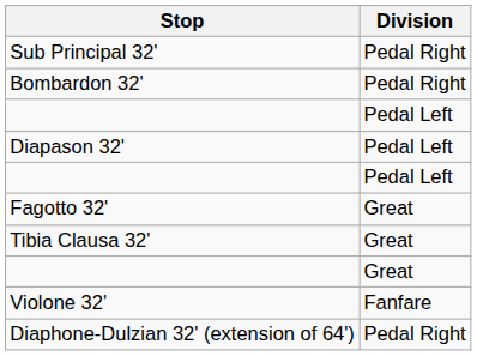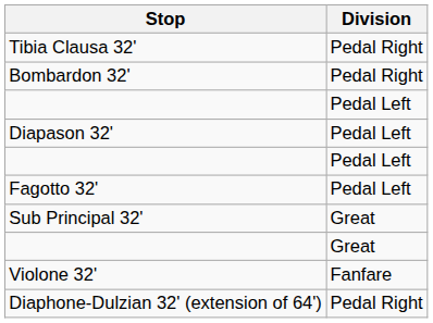 <table class="wikitable">
 <tr>
 <th>Stop</th>
 <th>Division</th>
 </tr>
 <tr>
-<td>Sub Principal 32'</td>
+<td>Tibia Clausa 32'</td>
 <td>Pedal Right</td>
 </tr>
 <tr>
 <td>Bombardon 32'</td>
 <td>Pedal Right</td>
 </tr>
 <tr>
 <td></td>
 <td>Pedal Left</td>
 </tr>
 <tr>
 <td>Diapason 32'</td>
 <td>Pedal Left</td>
 </tr>
 <tr>
 <td></td>
 <td>Pedal Left</td>
 </tr>
 <tr>
 <td>Fagotto 32'</td>
-<td>Great</td>
+<td>Pedal Left</td>
 </tr>
 <tr>
-<td>Tibia Clausa 32'</td>
+<td>Sub Principal 32'</td>
 <td>Great</td>
 </tr>
 <tr>
 <td></td>
 <td>Great</td>
 </tr>
 <tr>
 <td>Violone 32'</td>
 <td>Fanfare</td>
 </tr>
 <tr>
 <td>Diaphone-Dulzian 32' (extension of 64')</td>
 <td>Pedal Right</td>
 </tr>
 </table>
